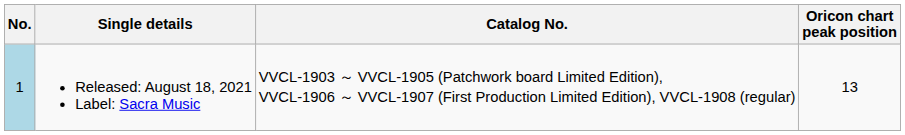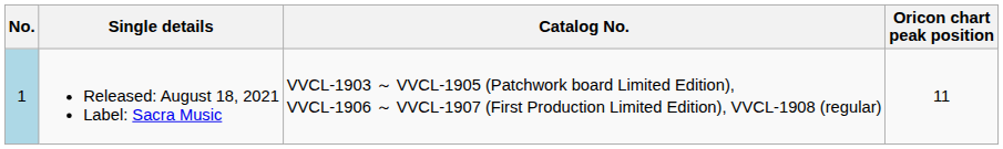 <table class="wikitable">
 <tr>
 <th>No.</th>
 <th>Single details</th>
 <th>Catalog No.</th>
 <th>Oricon chart <br>peak position</th>
 </tr>
 <tr>
 <td align=center style="background: lightblue;">1</td>
 <td><br><ul><li>Released: August 18, 2021</li><li>Label: <a href='#'>Sacra Music</a></li></ul></td>
 <td>VVCL-1903 ～ VVCL-1905 (Patchwork board Limited Edition),<br>VVCL-1906 ～ VVCL-1907 (First Production Limited Edition), VVCL-1908 (regular)</td>
-<td align="center">13</td>
+<td align="center">11</td>
 </tr>
 </table>
